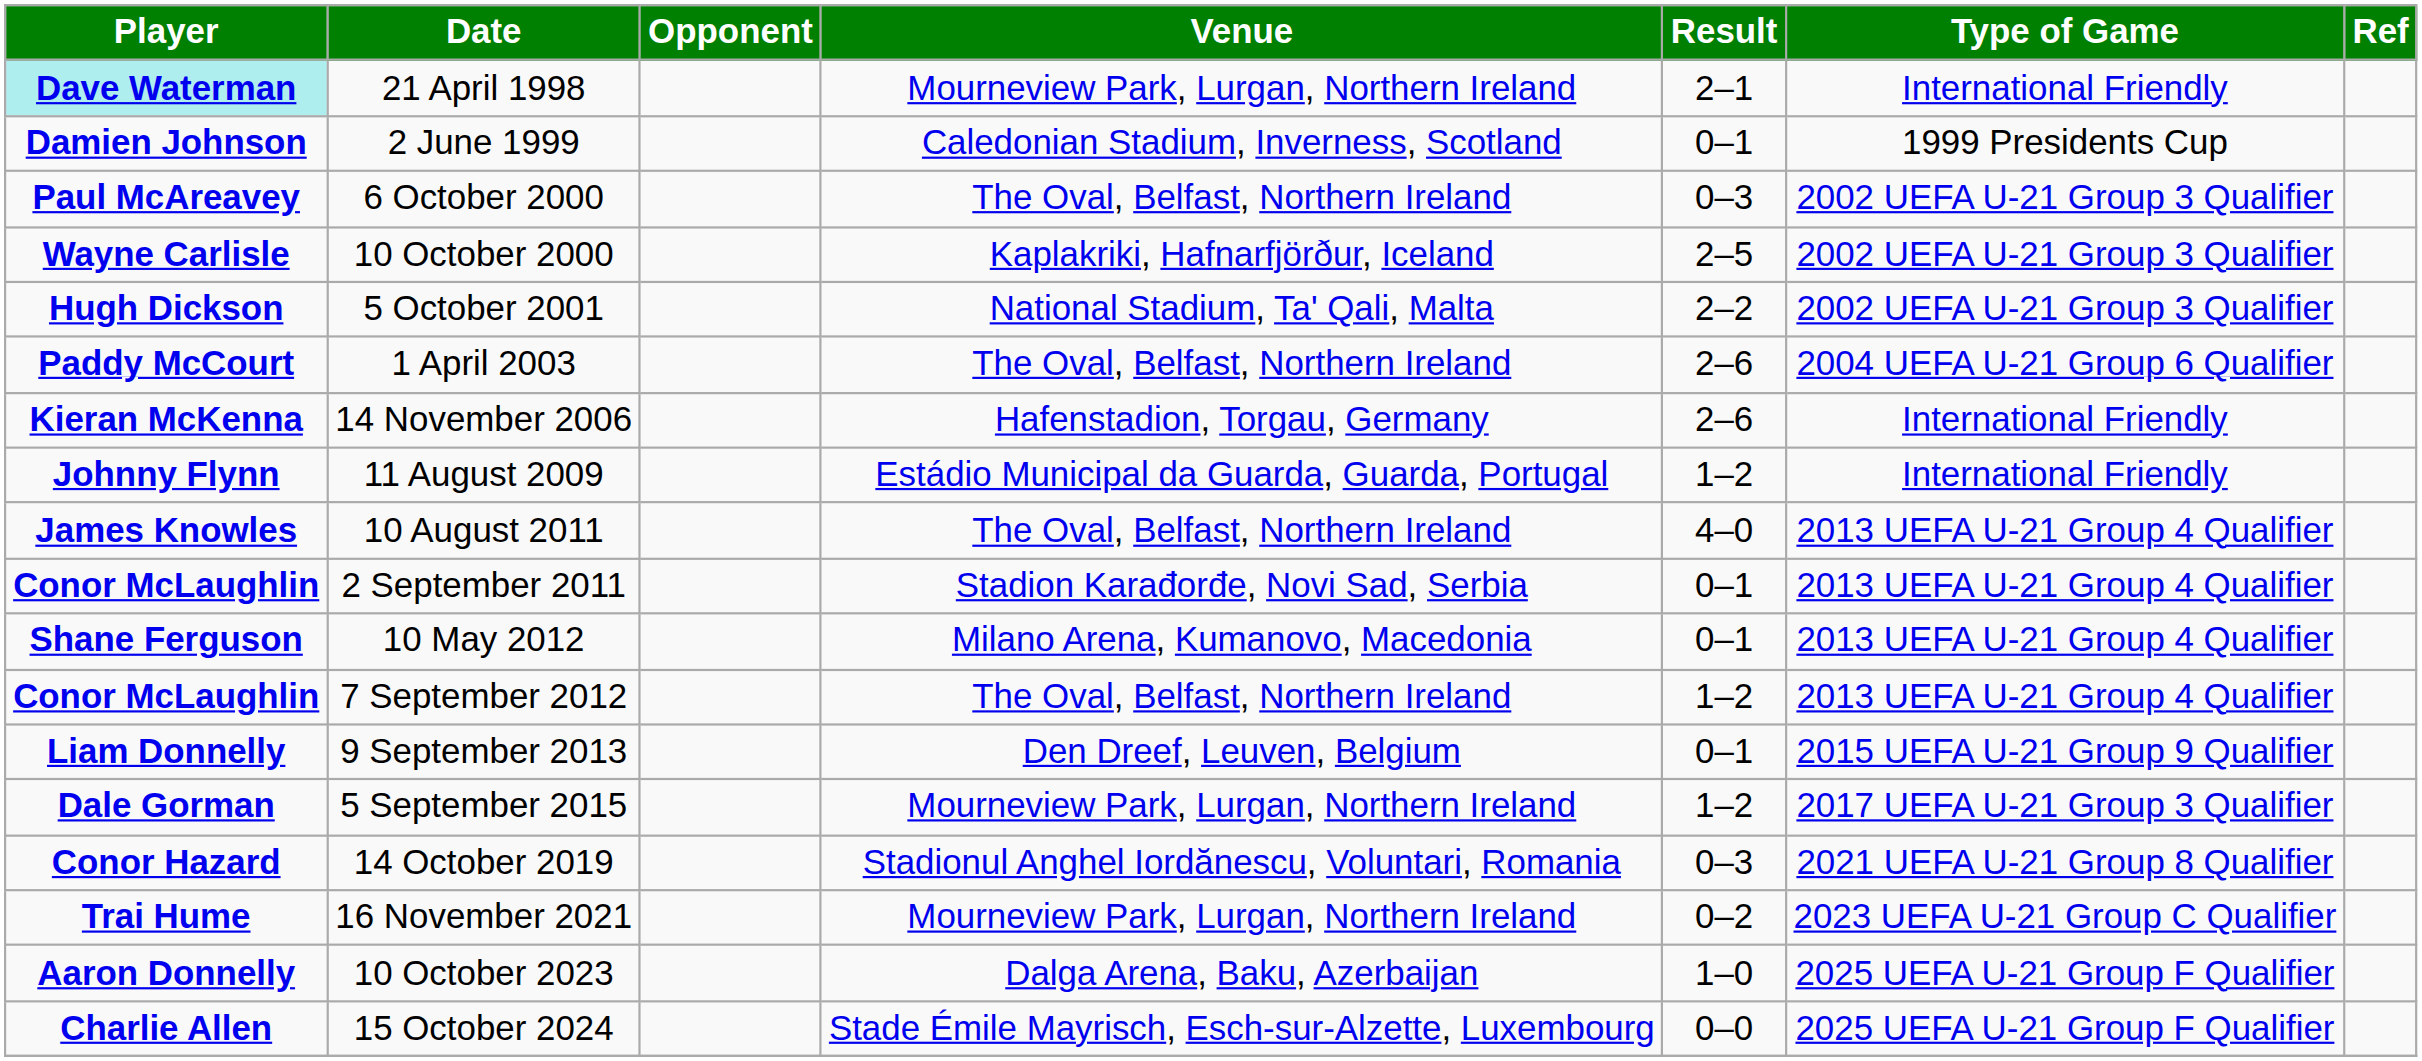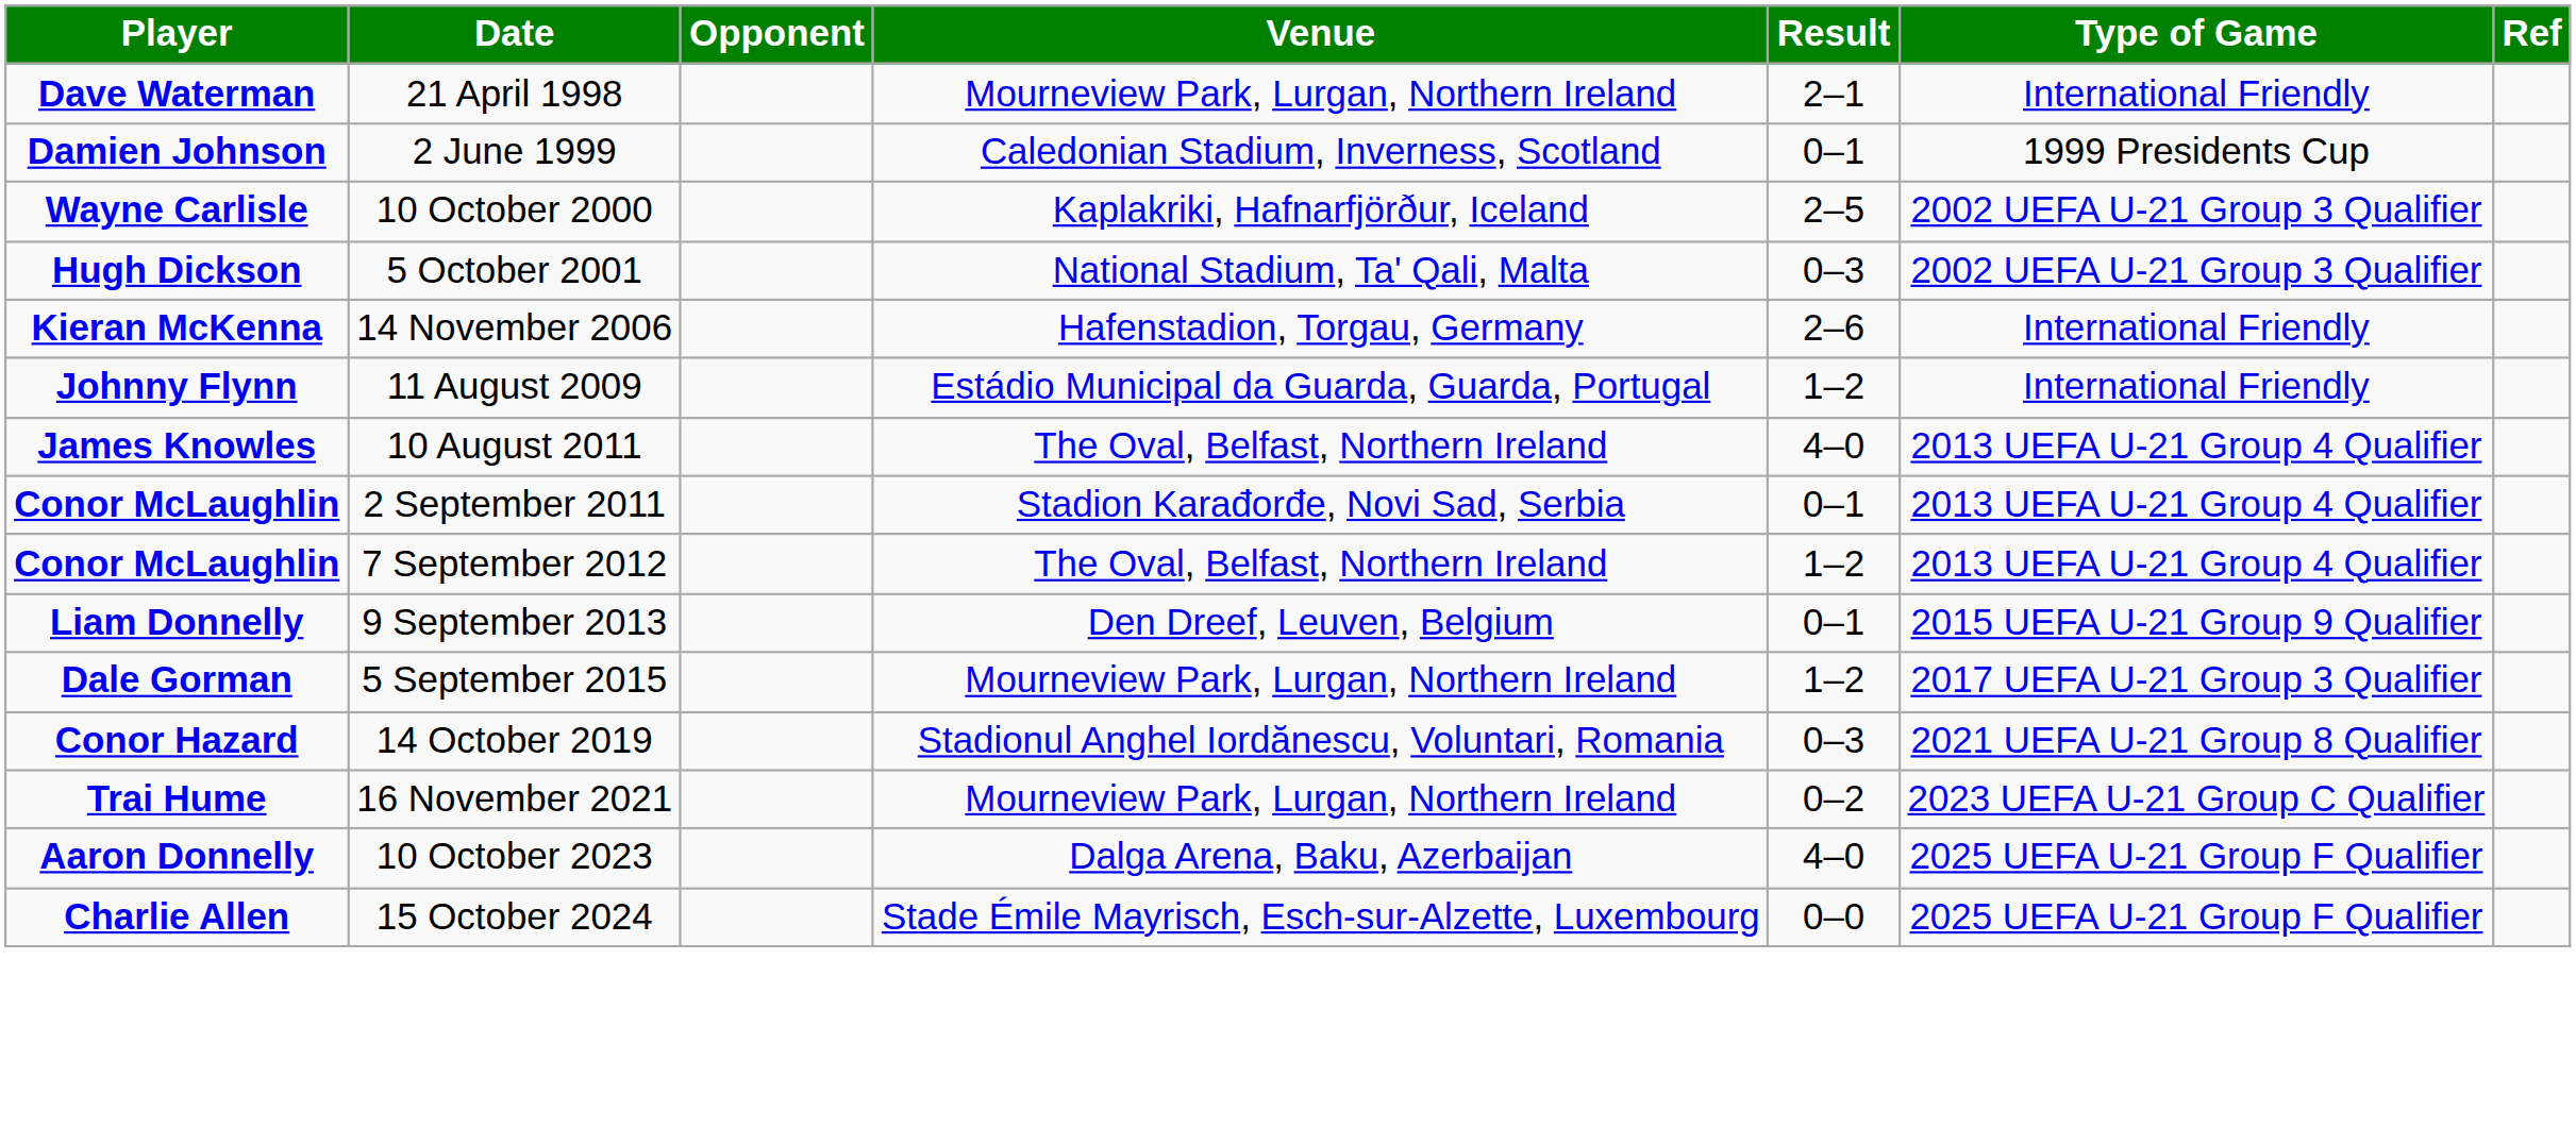 <table class="wikitable sortable" style="text-align:left;">
 <tr>
 <th style="background-color:#008000; color:white; ">Player</th>
 <th style="background-color:#008000; color:white; ">Date</th>
 <th style="background-color:#008000; color:white; ">Opponent</th>
 <th style="background-color:#008000; color:white; ">Venue</th>
 <th style="background-color:#008000; color:white; ">Result</th>
 <th style="background-color:#008000; color:white; ">Type of Game</th>
 <th style="background-color:#008000; color:white; ">Ref</th>
 </tr>
 <tr>
-<td align=center style="background: paleturquoise;"><strong><a href='#'>Dave Waterman</a></strong></td>
+<td align=center><strong><a href='#'>Dave Waterman</a></strong></td>
 <td align=center>21 April 1998</td>
 <td align=left></td>
 <td align=center><a href='#'>Mourneview Park</a>, <a href='#'>Lurgan</a>, <a href='#'>Northern Ireland</a></td>
 <td align=center>2–1</td>
 <td align=center><a href='#'>International Friendly</a></td>
 <td align=center></td>
 </tr>
 <tr>
 <td align=center><strong><a href='#'>Damien Johnson</a></strong></td>
 <td align=center>2 June 1999</td>
 <td align=left></td>
 <td align=center><a href='#'>Caledonian Stadium</a>, <a href='#'>Inverness</a>, <a href='#'>Scotland</a></td>
 <td align=center>0–1</td>
 <td align=center> 1999 Presidents Cup</td>
 <td align=center></td>
 </tr>
 <tr>
-<td align=center><strong><a href='#'>Paul McAreavey</a></strong></td>
-<td align=center>6 October 2000</td>
-<td align=left></td>
-<td align=center><a href='#'>The Oval</a>, <a href='#'>Belfast</a>, <a href='#'>Northern Ireland</a></td>
-<td align=center>0–3</td>
-<td align=center> <a href='#'>2002 UEFA U-21 Group 3 Qualifier</a></td>
-<td align=center></td>
-</tr>
-<tr>
 <td align=center><strong><a href='#'>Wayne Carlisle</a></strong></td>
 <td align=center>10 October 2000</td>
 <td align=left></td>
 <td align=center><a href='#'>Kaplakriki</a>, <a href='#'>Hafnarfjörður</a>, <a href='#'>Iceland</a></td>
 <td align=center>2–5</td>
 <td align=center> <a href='#'>2002 UEFA U-21 Group 3 Qualifier</a></td>
 <td align=center></td>
 </tr>
 <tr>
 <td align=center><strong><a href='#'>Hugh Dickson</a></strong></td>
 <td align=center>5 October 2001</td>
 <td align=left></td>
 <td align=center><a href='#'>National Stadium</a>, <a href='#'>Ta' Qali</a>, <a href='#'>Malta</a></td>
-<td align=center>2–2</td>
+<td align=center>0–3</td>
 <td align=center> <a href='#'>2002 UEFA U-21 Group 3 Qualifier</a></td>
-<td align=center></td>
-</tr>
-<tr>
-<td align=center><strong><a href='#'>Paddy McCourt</a></strong></td>
-<td align=center>1 April 2003</td>
-<td align=left></td>
-<td align=center><a href='#'>The Oval</a>, <a href='#'>Belfast</a>, <a href='#'>Northern Ireland</a></td>
-<td align=center>2–6</td>
-<td align=center> <a href='#'>2004 UEFA U-21 Group 6 Qualifier</a></td>
 <td align=center></td>
 </tr>
 <tr>
 <td align=center><strong><a href='#'>Kieran McKenna</a></strong></td>
 <td align=center>14 November 2006</td>
 <td align=left></td>
 <td align=center><a href='#'>Hafenstadion</a>, <a href='#'>Torgau</a>, <a href='#'>Germany</a></td>
 <td align=center>2–6</td>
 <td align=center><a href='#'>International Friendly</a></td>
 <td align=center></td>
 </tr>
 <tr>
 <td align=center><strong><a href='#'>Johnny Flynn</a></strong></td>
 <td align=center>11 August 2009</td>
 <td align=left></td>
 <td align=center><a href='#'>Estádio Municipal da Guarda</a>, <a href='#'>Guarda</a>, <a href='#'>Portugal</a></td>
 <td align=center>1–2</td>
 <td align=center><a href='#'>International Friendly</a></td>
 <td align=center></td>
 </tr>
 <tr>
 <td align=center><strong><a href='#'>James Knowles</a></strong></td>
 <td align=center>10 August 2011</td>
 <td align=left></td>
 <td align=center><a href='#'>The Oval</a>, <a href='#'>Belfast</a>, <a href='#'>Northern Ireland</a></td>
 <td align=center>4–0</td>
 <td align=center> <a href='#'>2013 UEFA U-21 Group 4 Qualifier</a></td>
 <td align=center></td>
 </tr>
 <tr>
 <td align=center><strong><a href='#'>Conor McLaughlin</a></strong></td>
 <td align=center>2 September 2011</td>
 <td align=left></td>
 <td align=center><a href='#'>Stadion Karađorđe</a>, <a href='#'>Novi Sad</a>, <a href='#'>Serbia</a></td>
-<td align=center>0–1</td>
-<td align=center> <a href='#'>2013 UEFA U-21 Group 4 Qualifier</a></td>
-<td align=center></td>
-</tr>
-<tr>
-<td align=center><strong><a href='#'>Shane Ferguson</a></strong></td>
-<td align=center>10 May 2012</td>
-<td align=left></td>
-<td align=center><a href='#'>Milano Arena</a>, <a href='#'>Kumanovo</a>, <a href='#'>Macedonia</a></td>
 <td align=center>0–1</td>
 <td align=center> <a href='#'>2013 UEFA U-21 Group 4 Qualifier</a></td>
 <td align=center></td>
 </tr>
 <tr>
 <td align=center><strong><a href='#'>Conor McLaughlin</a></strong></td>
 <td align=center>7 September 2012</td>
 <td align=left></td>
 <td align=center><a href='#'>The Oval</a>, <a href='#'>Belfast</a>, <a href='#'>Northern Ireland</a></td>
 <td align=center>1–2</td>
 <td align=center> <a href='#'>2013 UEFA U-21 Group 4 Qualifier</a></td>
 <td align=center></td>
 </tr>
 <tr>
 <td align=center><strong><a href='#'>Liam Donnelly</a></strong></td>
 <td align=center>9 September 2013</td>
 <td align=left></td>
 <td align=center><a href='#'>Den Dreef</a>, <a href='#'>Leuven</a>, <a href='#'>Belgium</a></td>
 <td align=center>0–1</td>
 <td align=center> <a href='#'>2015 UEFA U-21 Group 9 Qualifier</a></td>
 <td align=center></td>
 </tr>
 <tr>
 <td align=center><strong><a href='#'>Dale Gorman</a></strong></td>
 <td align=center>5 September 2015</td>
 <td align=left></td>
 <td align=center><a href='#'>Mourneview Park</a>, <a href='#'>Lurgan</a>, <a href='#'>Northern Ireland</a></td>
 <td align=center>1–2</td>
 <td align=center> <a href='#'>2017 UEFA U-21 Group 3 Qualifier</a></td>
 <td align=center></td>
 </tr>
 <tr>
 <td align=center><strong><a href='#'>Conor Hazard</a></strong></td>
 <td align=center>14 October 2019</td>
 <td align=left></td>
 <td align=center><a href='#'>Stadionul Anghel Iordănescu</a>, <a href='#'>Voluntari</a>, <a href='#'>Romania</a></td>
 <td align=center>0–3</td>
 <td align=center>  <a href='#'>2021 UEFA U-21 Group 8 Qualifier</a></td>
 <td align=center></td>
 </tr>
 <tr>
 <td align=center><strong><a href='#'>Trai Hume</a></strong></td>
 <td align=center>16 November 2021</td>
 <td align=left></td>
 <td align=center><a href='#'>Mourneview Park</a>, <a href='#'>Lurgan</a>, <a href='#'>Northern Ireland</a></td>
 <td align=center>0–2</td>
 <td align=center>  <a href='#'>2023 UEFA U-21 Group C Qualifier</a></td>
 <td align=center></td>
 </tr>
 <tr>
 <td align=center><strong><a href='#'>Aaron Donnelly</a></strong></td>
 <td align=center>10 October 2023</td>
 <td align=left></td>
 <td align=center><a href='#'>Dalga Arena</a>, <a href='#'>Baku</a>, <a href='#'>Azerbaijan</a></td>
-<td align=center>1–0</td>
+<td align=center>4–0</td>
 <td align=center> <a href='#'>2025 UEFA U-21 Group F Qualifier</a></td>
 <td align=center></td>
 </tr>
 <tr>
 <td align=center><strong><a href='#'>Charlie Allen</a></strong></td>
 <td align=center>15 October 2024</td>
 <td align=left></td>
 <td align=center><a href='#'>Stade Émile Mayrisch</a>, <a href='#'>Esch-sur-Alzette</a>, <a href='#'>Luxembourg</a></td>
 <td align=center>0–0</td>
 <td align=center> <a href='#'>2025 UEFA U-21 Group F Qualifier</a></td>
 <td align=center></td>
 </tr>
 <tr>
 </tr>
 </table>
